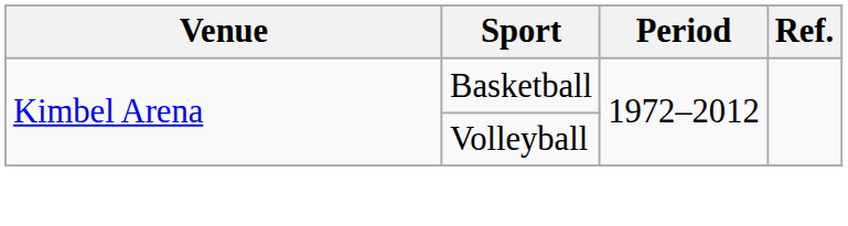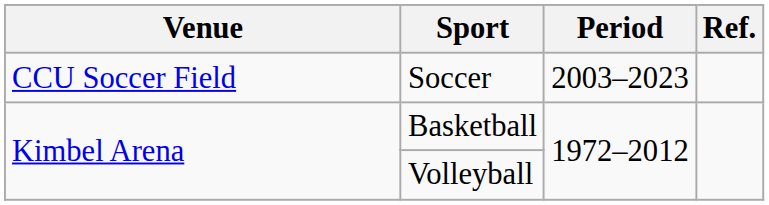 <table class="wikitable"; style= "text-align: ">
 <tr>
 <th width=200px>Venue</th>
 <th width=px>Sport</th>
 <th width=px>Period</th>
 <th width=px>Ref.</th>
+</tr>
+<tr>
+<td><a href='#'>CCU Soccer Field</a></td>
+<td>Soccer</td>
+<td>2003–2023</td>
+<td></td>
 </tr>
 <tr>
 <td rowspan=2><a href='#'>Kimbel Arena</a></td>
 <td>Basketball</td>
 <td rowspan=2>1972–2012</td>
 <td rowspan=2></td>
 </tr>
 <tr>
 <td>Volleyball</td>
 </tr>
 </table>
